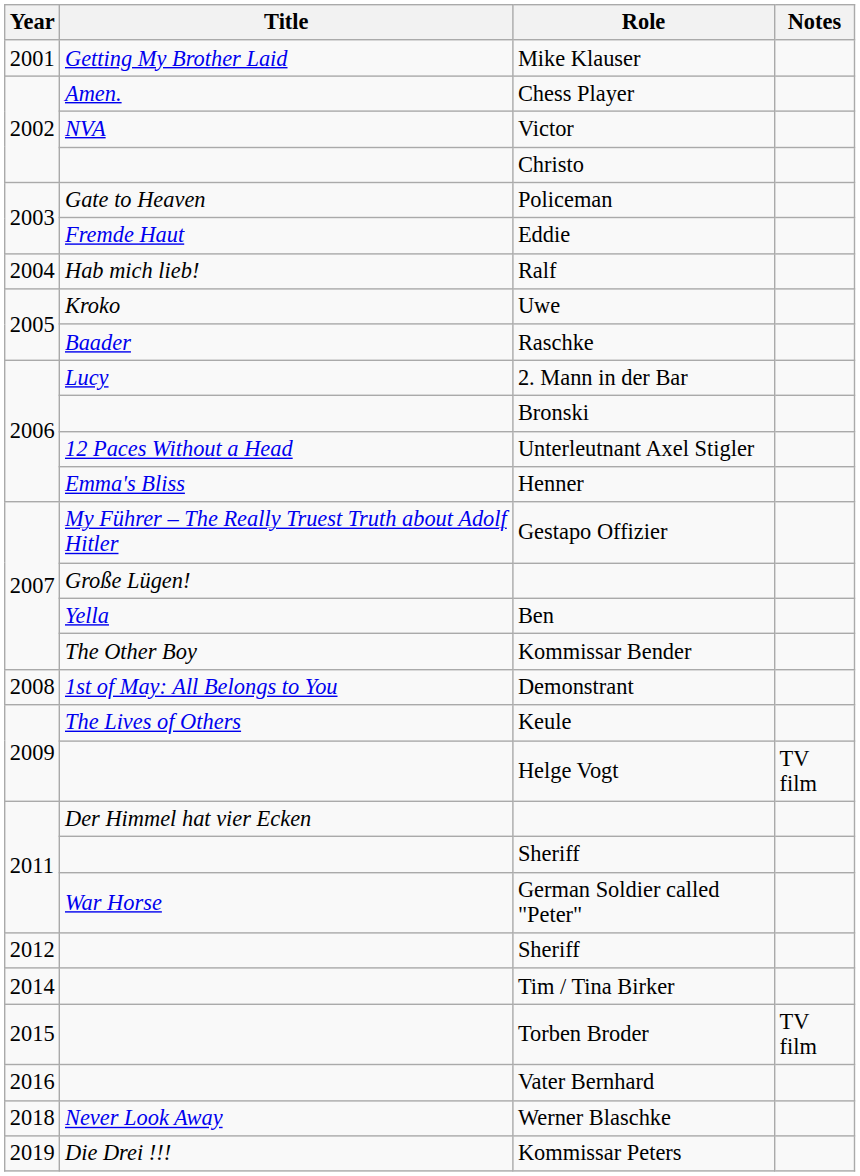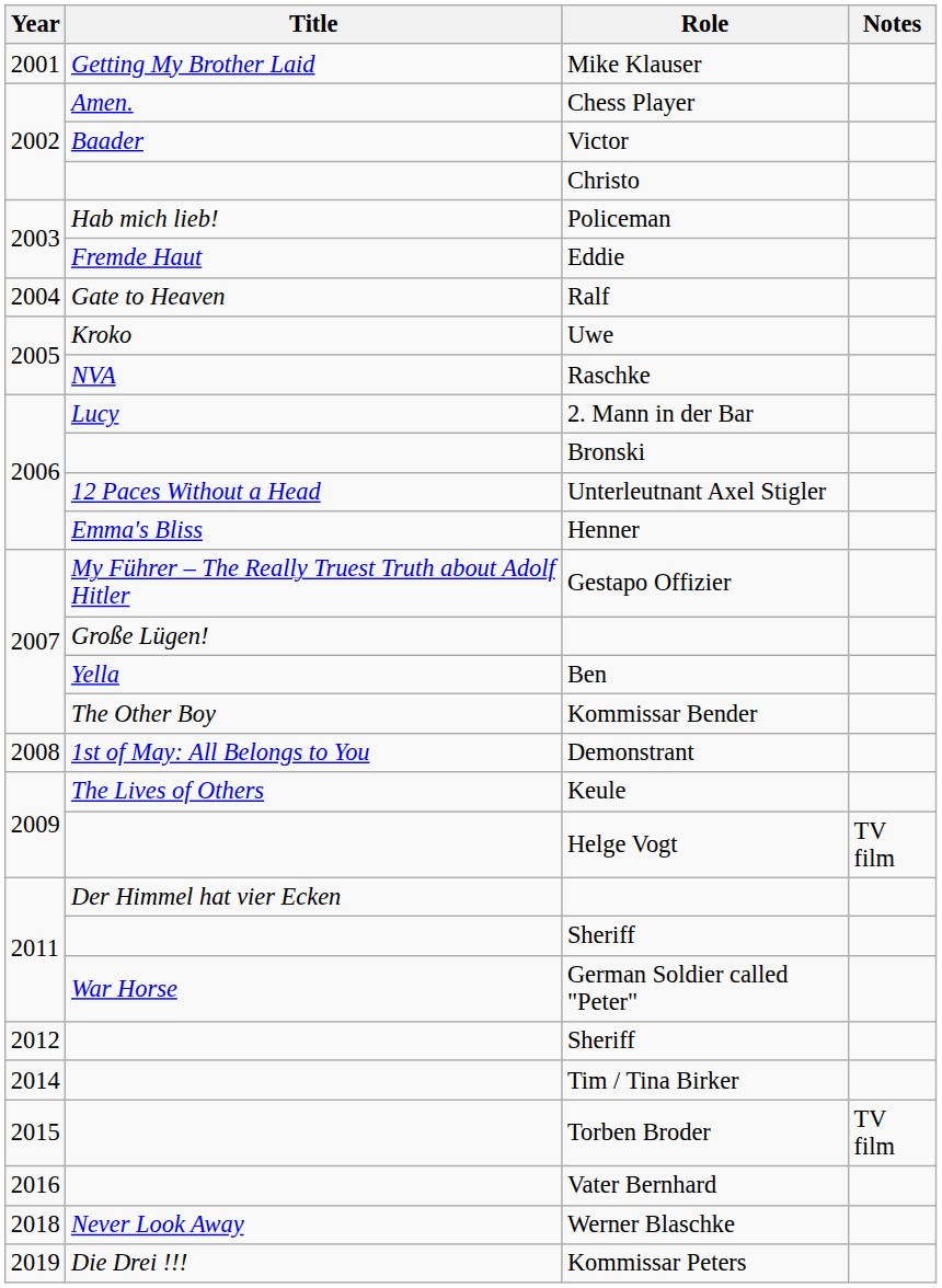 <table class="wikitable sortable">
 <tr>
 <th>Year</th>
 <th>Title</th>
 <th>Role</th>
 <th class="unsortable">Notes</th>
 </tr>
 <tr>
 <td>2001</td>
 <td><em><a href='#'>Getting My Brother Laid</a></em></td>
 <td>Mike Klauser</td>
 <td></td>
 </tr>
 <tr>
 <td rowspan="3">2002</td>
 <td><em><a href='#'>Amen.</a></em></td>
 <td>Chess Player</td>
 <td></td>
 </tr>
 <tr>
-<td><em><a href='#'>NVA</a></em></td>
+<td><em><a href='#'>Baader</a></em></td>
 <td>Victor</td>
 <td></td>
 </tr>
 <tr>
 <td><em></em></td>
 <td>Christo</td>
 <td></td>
 </tr>
 <tr>
 <td rowspan="2">2003</td>
-<td><em>Gate to Heaven</em></td>
+<td><em>Hab mich lieb!</em></td>
 <td>Policeman</td>
 <td></td>
 </tr>
 <tr>
 <td><em><a href='#'>Fremde Haut</a></em></td>
 <td>Eddie</td>
 <td></td>
 </tr>
 <tr>
 <td>2004</td>
-<td><em>Hab mich lieb!</em></td>
+<td><em>Gate to Heaven</em></td>
 <td>Ralf</td>
 <td></td>
 </tr>
 <tr>
 <td rowspan="2">2005</td>
 <td><em>Kroko</em></td>
 <td>Uwe</td>
 <td></td>
 </tr>
 <tr>
-<td><em><a href='#'>Baader</a></em></td>
+<td><em><a href='#'>NVA</a></em></td>
 <td>Raschke</td>
 <td></td>
 </tr>
 <tr>
 <td rowspan="4">2006</td>
 <td><em><a href='#'>Lucy</a></em></td>
 <td>2. Mann in der Bar</td>
 <td></td>
 </tr>
 <tr>
 <td><em></em></td>
 <td>Bronski</td>
 <td></td>
 </tr>
 <tr>
 <td><em><a href='#'>12 Paces Without a Head</a></em></td>
 <td>Unterleutnant Axel Stigler</td>
 <td></td>
 </tr>
 <tr>
 <td><em><a href='#'>Emma's Bliss</a></em></td>
 <td>Henner</td>
 <td></td>
 </tr>
 <tr>
 <td rowspan="4">2007</td>
 <td><em><a href='#'>My Führer – The Really Truest Truth about Adolf Hitler</a></em></td>
 <td>Gestapo Offizier</td>
 <td></td>
 </tr>
 <tr>
 <td><em>Große Lügen!</em></td>
 <td></td>
 <td></td>
 </tr>
 <tr>
 <td><em><a href='#'>Yella</a></em></td>
 <td>Ben</td>
 <td></td>
 </tr>
 <tr>
 <td><em>The Other Boy</em></td>
 <td>Kommissar Bender</td>
 <td></td>
 </tr>
 <tr>
 <td>2008</td>
 <td><em><a href='#'>1st of May: All Belongs to You</a></em></td>
 <td>Demonstrant</td>
 <td></td>
 </tr>
 <tr>
 <td rowspan="2">2009</td>
 <td><em><a href='#'>The Lives of Others</a></em></td>
 <td>Keule</td>
 <td></td>
 </tr>
 <tr>
 <td><em></em></td>
 <td>Helge Vogt</td>
 <td>TV film</td>
 </tr>
 <tr>
 <td rowspan="3">2011</td>
 <td><em>Der Himmel hat vier Ecken</em></td>
 <td></td>
 <td></td>
 </tr>
 <tr>
 <td><em></em></td>
 <td>Sheriff</td>
 <td></td>
 </tr>
 <tr>
 <td><em><a href='#'>War Horse</a></em></td>
 <td>German Soldier called "Peter"</td>
 <td></td>
 </tr>
 <tr>
 <td>2012</td>
 <td><em></em></td>
 <td>Sheriff</td>
 <td></td>
 </tr>
 <tr>
 <td>2014</td>
 <td><em></em></td>
 <td>Tim / Tina Birker</td>
 <td></td>
 </tr>
 <tr>
 <td>2015</td>
 <td><em></em></td>
 <td>Torben Broder</td>
 <td>TV film</td>
 </tr>
 <tr>
 <td>2016</td>
 <td><em></em></td>
 <td>Vater Bernhard</td>
 <td></td>
 </tr>
 <tr>
 <td>2018</td>
 <td><em><a href='#'>Never Look Away</a></em></td>
 <td>Werner Blaschke</td>
 <td></td>
 </tr>
 <tr>
 <td>2019</td>
 <td><em>Die Drei !!!</em></td>
 <td>Kommissar Peters</td>
 <td></td>
 </tr>
 </table>
